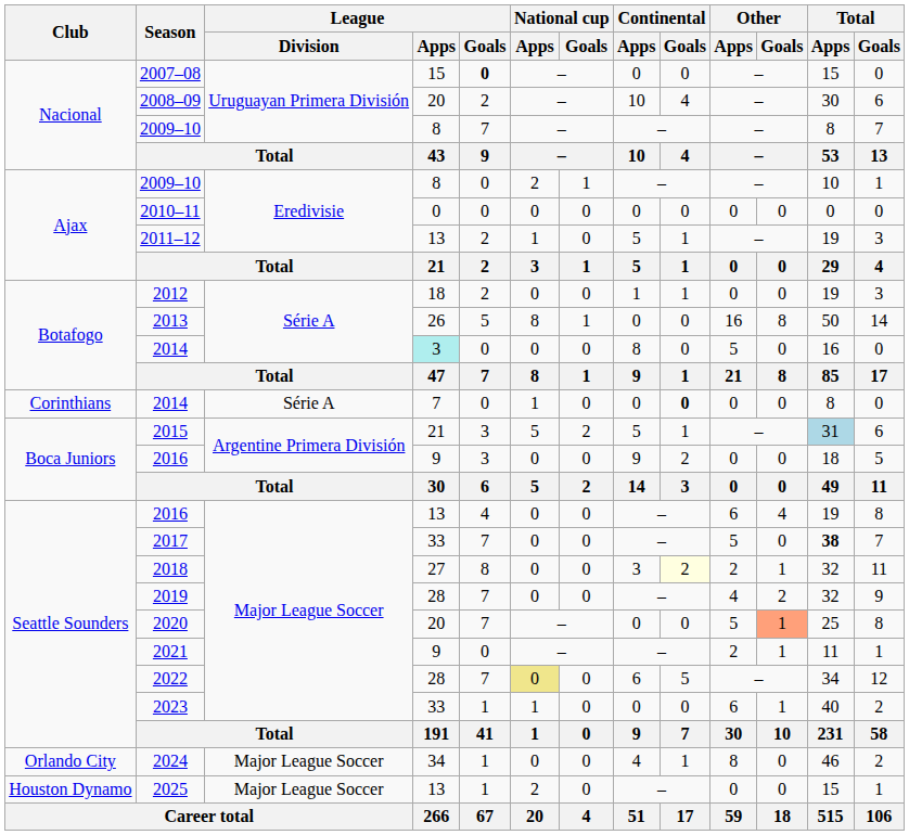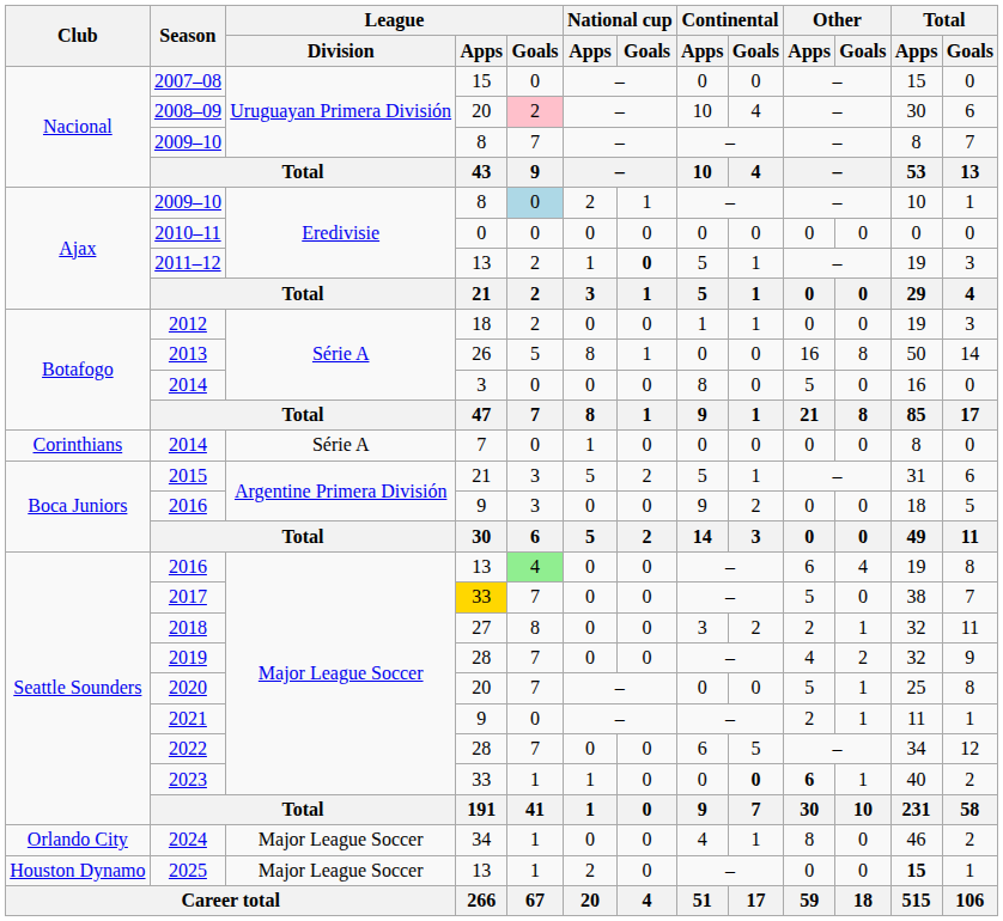 <table class="wikitable" style="text-align:center">
 <tr>
 <th rowspan="2">Club</th>
 <th rowspan="2">Season</th>
 <th colspan="3">League</th>
 <th colspan="2">National cup</th>
 <th colspan="2">Continental</th>
 <th colspan="2">Other</th>
 <th colspan="2">Total</th>
 </tr>
 <tr>
 <th>Division</th>
 <th>Apps</th>
 <th>Goals</th>
 <th>Apps</th>
 <th>Goals</th>
 <th>Apps</th>
 <th>Goals</th>
 <th>Apps</th>
 <th>Goals</th>
 <th>Apps</th>
 <th>Goals</th>
 </tr>
 <tr>
 <td rowspan="4"><a href='#'>Nacional</a></td>
 <td><a href='#'>2007–08</a></td>
 <td rowspan="3"><a href='#'>Uruguayan Primera División</a></td>
 <td>15</td>
-<td><strong>0</strong></td>
+<td>0</td>
 <td colspan="2">–</td>
 <td>0</td>
 <td>0</td>
 <td colspan="2">–</td>
 <td>15</td>
 <td>0</td>
 </tr>
 <tr>
 <td><a href='#'>2008–09</a></td>
 <td>20</td>
-<td>2</td>
+<td style="background: pink;">2</td>
 <td colspan="2">–</td>
 <td>10</td>
 <td>4</td>
 <td colspan="2">–</td>
 <td>30</td>
 <td>6</td>
 </tr>
 <tr>
 <td><a href='#'>2009–10</a></td>
 <td>8</td>
 <td>7</td>
 <td colspan="2">–</td>
 <td colspan="2">–</td>
 <td colspan="2">–</td>
 <td>8</td>
 <td>7</td>
 </tr>
 <tr>
 <th colspan="2">Total</th>
 <th>43</th>
 <th>9</th>
 <th colspan="2">–</th>
 <th>10</th>
 <th>4</th>
 <th colspan="2">–</th>
 <th>53</th>
 <th>13</th>
 </tr>
 <tr>
 <td rowspan="4"><a href='#'>Ajax</a></td>
 <td><a href='#'>2009–10</a></td>
 <td rowspan="3"><a href='#'>Eredivisie</a></td>
 <td>8</td>
-<td>0</td>
+<td style="background: lightblue;">0</td>
 <td>2</td>
 <td>1</td>
 <td colspan="2">–</td>
 <td colspan="2">–</td>
 <td>10</td>
 <td>1</td>
 </tr>
 <tr>
 <td><a href='#'>2010–11</a></td>
 <td>0</td>
 <td>0</td>
 <td>0</td>
 <td>0</td>
 <td>0</td>
 <td>0</td>
 <td>0</td>
 <td>0</td>
 <td>0</td>
 <td>0</td>
 </tr>
 <tr>
 <td><a href='#'>2011–12</a></td>
 <td>13</td>
 <td>2</td>
 <td>1</td>
-<td>0</td>
+<td><strong>0</strong></td>
 <td>5</td>
 <td>1</td>
 <td colspan="2">–</td>
 <td>19</td>
 <td>3</td>
 </tr>
 <tr>
 <th colspan="2">Total</th>
 <th>21</th>
 <th>2</th>
 <th>3</th>
 <th>1</th>
 <th>5</th>
 <th>1</th>
 <th>0</th>
 <th>0</th>
 <th>29</th>
 <th>4</th>
 </tr>
 <tr>
 <td rowspan="4"><a href='#'>Botafogo</a></td>
 <td><a href='#'>2012</a></td>
 <td rowspan="3"><a href='#'>Série A</a></td>
 <td>18</td>
 <td>2</td>
 <td>0</td>
 <td>0</td>
 <td>1</td>
 <td>1</td>
 <td>0</td>
 <td>0</td>
 <td>19</td>
 <td>3</td>
 </tr>
 <tr>
 <td><a href='#'>2013</a></td>
 <td>26</td>
 <td>5</td>
 <td>8</td>
 <td>1</td>
 <td>0</td>
 <td>0</td>
 <td>16</td>
 <td>8</td>
 <td>50</td>
 <td>14</td>
 </tr>
 <tr>
 <td><a href='#'>2014</a></td>
-<td style="background: paleturquoise;">3</td>
+<td>3</td>
 <td>0</td>
 <td>0</td>
 <td>0</td>
 <td>8</td>
 <td>0</td>
 <td>5</td>
 <td>0</td>
 <td>16</td>
 <td>0</td>
 </tr>
 <tr>
 <th colspan="2">Total</th>
 <th>47</th>
 <th>7</th>
 <th>8</th>
 <th>1</th>
 <th>9</th>
 <th>1</th>
 <th>21</th>
 <th>8</th>
 <th>85</th>
 <th>17</th>
 </tr>
 <tr>
 <td><a href='#'>Corinthians</a></td>
 <td><a href='#'>2014</a></td>
 <td>Série A</td>
 <td>7</td>
 <td>0</td>
 <td>1</td>
 <td>0</td>
 <td>0</td>
-<td><strong>0</strong></td>
+<td>0</td>
 <td>0</td>
 <td>0</td>
 <td>8</td>
 <td>0</td>
 </tr>
 <tr>
 <td rowspan="3"><a href='#'>Boca Juniors</a></td>
 <td><a href='#'>2015</a></td>
 <td rowspan="2"><a href='#'>Argentine Primera División</a></td>
 <td>21</td>
 <td>3</td>
 <td>5</td>
 <td>2</td>
 <td>5</td>
 <td>1</td>
 <td colspan="2">–</td>
-<td style="background: lightblue;">31</td>
+<td>31</td>
 <td>6</td>
 </tr>
 <tr>
 <td><a href='#'>2016</a></td>
 <td>9</td>
 <td>3</td>
 <td>0</td>
 <td>0</td>
 <td>9</td>
 <td>2</td>
 <td>0</td>
 <td>0</td>
 <td>18</td>
 <td>5</td>
 </tr>
 <tr>
 <th colspan="2">Total</th>
 <th>30</th>
 <th>6</th>
 <th>5</th>
 <th>2</th>
 <th>14</th>
 <th>3</th>
 <th>0</th>
 <th>0</th>
 <th>49</th>
 <th>11</th>
 </tr>
 <tr>
 <td rowspan="9"><a href='#'>Seattle Sounders</a></td>
 <td><a href='#'>2016</a></td>
 <td rowspan="8"><a href='#'>Major League Soccer</a></td>
 <td>13</td>
-<td>4</td>
+<td style="background: lightgreen;">4</td>
 <td>0</td>
 <td>0</td>
 <td colspan="2">–</td>
 <td>6</td>
 <td>4</td>
 <td>19</td>
 <td>8</td>
 </tr>
 <tr>
 <td><a href='#'>2017</a></td>
-<td>33</td>
+<td style="background: gold;">33</td>
 <td>7</td>
 <td>0</td>
 <td>0</td>
 <td colspan="2">–</td>
 <td>5</td>
 <td>0</td>
-<td><strong>38</strong></td>
+<td>38</td>
 <td>7</td>
 </tr>
 <tr>
 <td><a href='#'>2018</a></td>
 <td>27</td>
 <td>8</td>
 <td>0</td>
 <td>0</td>
 <td>3</td>
-<td style="background: lightyellow;">2</td>
+<td>2</td>
 <td>2</td>
 <td>1</td>
 <td>32</td>
 <td>11</td>
 </tr>
 <tr>
 <td><a href='#'>2019</a></td>
 <td>28</td>
 <td>7</td>
 <td>0</td>
 <td>0</td>
 <td colspan="2">–</td>
 <td>4</td>
 <td>2</td>
 <td>32</td>
 <td>9</td>
 </tr>
 <tr>
 <td><a href='#'>2020</a></td>
 <td>20</td>
 <td>7</td>
 <td colspan="2">–</td>
 <td>0</td>
 <td>0</td>
 <td>5</td>
-<td style="background: lightsalmon;">1</td>
+<td>1</td>
 <td>25</td>
 <td>8</td>
 </tr>
 <tr>
 <td><a href='#'>2021</a></td>
 <td>9</td>
 <td>0</td>
 <td colspan="2">–</td>
 <td colspan="2">–</td>
 <td>2</td>
 <td>1</td>
 <td>11</td>
 <td>1</td>
 </tr>
 <tr>
 <td><a href='#'>2022</a></td>
 <td>28</td>
 <td>7</td>
-<td style="background: khaki;">0</td>
+<td>0</td>
 <td>0</td>
 <td>6</td>
 <td>5</td>
 <td colspan="2">–</td>
 <td>34</td>
 <td>12</td>
 </tr>
 <tr>
 <td><a href='#'>2023</a></td>
 <td>33</td>
 <td>1</td>
 <td>1</td>
 <td>0</td>
 <td>0</td>
-<td>0</td>
-<td>6</td>
+<td><strong>0</strong></td>
+<td><strong>6</strong></td>
 <td>1</td>
 <td>40</td>
 <td>2</td>
 </tr>
 <tr>
 <th colspan="2">Total</th>
 <th>191</th>
 <th>41</th>
 <th>1</th>
 <th>0</th>
 <th>9</th>
 <th>7</th>
 <th>30</th>
 <th>10</th>
 <th>231</th>
 <th>58</th>
 </tr>
 <tr>
 <td><a href='#'>Orlando City</a></td>
 <td><a href='#'>2024</a></td>
 <td>Major League Soccer</td>
 <td>34</td>
 <td>1</td>
 <td>0</td>
 <td>0</td>
 <td>4</td>
 <td>1</td>
 <td>8</td>
 <td>0</td>
 <td>46</td>
 <td>2</td>
 </tr>
 <tr>
 <td><a href='#'>Houston Dynamo</a></td>
 <td><a href='#'>2025</a></td>
 <td>Major League Soccer</td>
 <td>13</td>
 <td>1</td>
 <td>2</td>
 <td>0</td>
 <td colspan="2">–</td>
 <td>0</td>
 <td>0</td>
-<td>15</td>
+<td><strong>15</strong></td>
 <td>1</td>
 </tr>
 <tr>
 <th colspan="3">Career total</th>
 <th>266</th>
 <th>67</th>
 <th>20</th>
 <th>4</th>
 <th>51</th>
 <th>17</th>
 <th>59</th>
 <th>18</th>
 <th>515</th>
 <th>106</th>
 </tr>
 </table>
